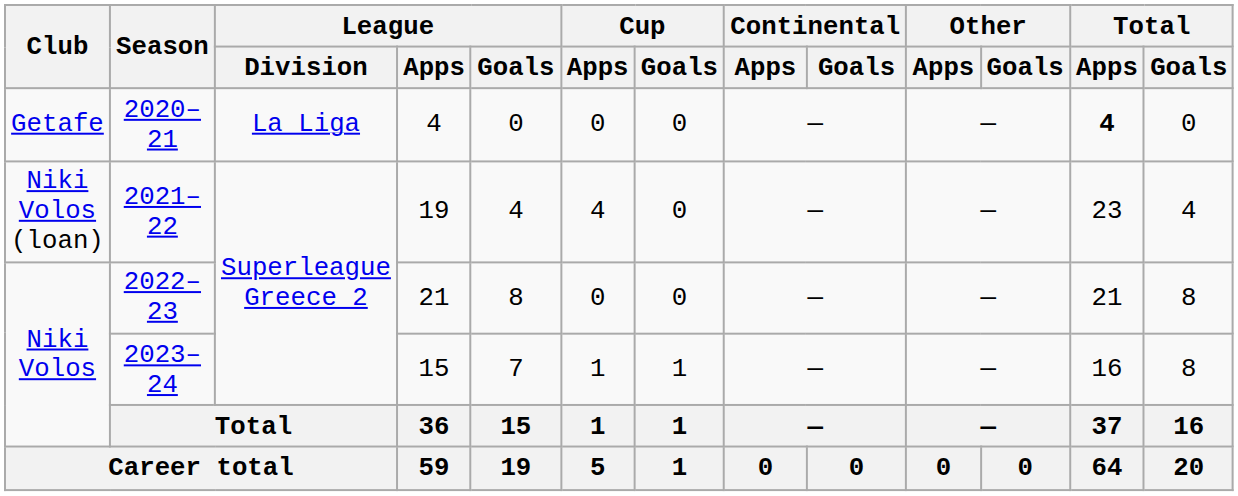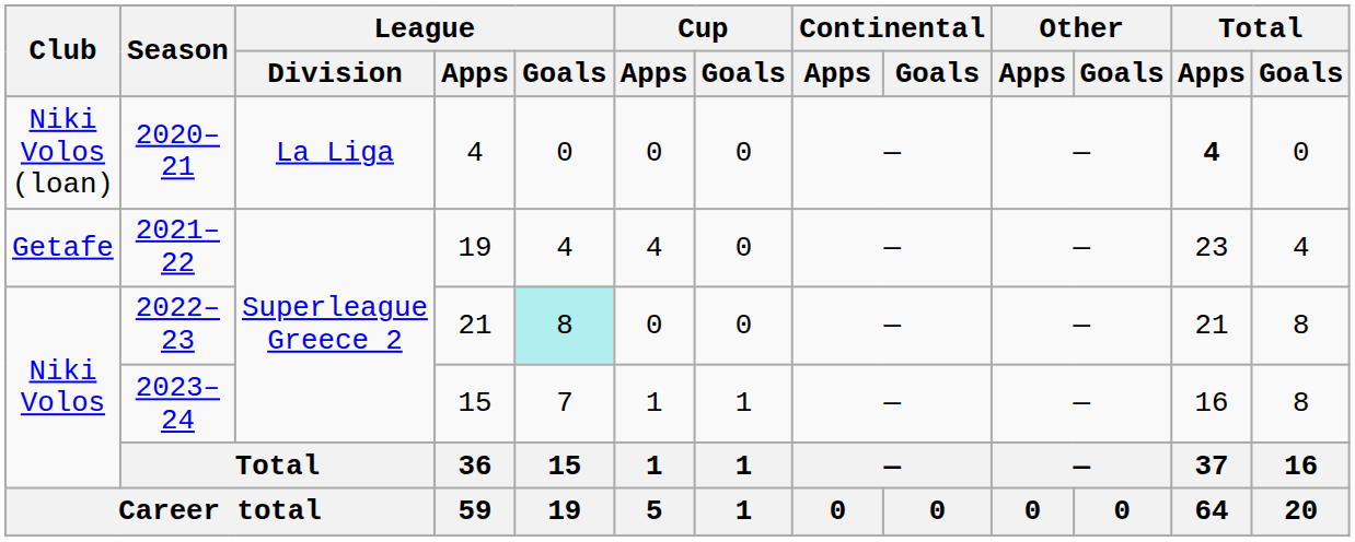 <table class="wikitable" style="text-align:center">
 <tr>
 <th rowspan=2>Club</th>
 <th rowspan=2>Season</th>
 <th colspan=3>League</th>
 <th colspan=2>Cup</th>
 <th colspan=2>Continental</th>
 <th colspan=2>Other</th>
 <th colspan=2>Total</th>
 </tr>
 <tr>
 <th>Division</th>
 <th>Apps</th>
 <th>Goals</th>
 <th>Apps</th>
 <th>Goals</th>
 <th>Apps</th>
 <th>Goals</th>
 <th>Apps</th>
 <th>Goals</th>
 <th>Apps</th>
 <th>Goals</th>
 </tr>
 <tr>
-<td><a href='#'>Getafe</a></td>
+<td><a href='#'>Niki Volos</a> (loan)</td>
 <td><a href='#'>2020–21</a></td>
 <td><a href='#'>La Liga</a></td>
 <td>4</td>
 <td>0</td>
 <td>0</td>
 <td>0</td>
 <td colspan="2">—</td>
 <td colspan="2">—</td>
 <td><strong>4</strong></td>
 <td>0</td>
 </tr>
 <tr>
-<td><a href='#'>Niki Volos</a> (loan)</td>
+<td><a href='#'>Getafe</a></td>
 <td><a href='#'>2021–22</a></td>
 <td rowspan="3"><a href='#'>Superleague Greece 2</a></td>
 <td>19</td>
 <td>4</td>
 <td>4</td>
 <td>0</td>
 <td colspan="2">—</td>
 <td colspan="2">—</td>
 <td>23</td>
 <td>4</td>
 </tr>
 <tr>
 <td rowspan="3"><a href='#'>Niki Volos</a></td>
 <td><a href='#'>2022–23</a></td>
 <td>21</td>
-<td>8</td>
+<td style="background: paleturquoise;">8</td>
 <td>0</td>
 <td>0</td>
 <td colspan="2">—</td>
 <td colspan="2">—</td>
 <td>21</td>
 <td>8</td>
 </tr>
 <tr>
 <td><a href='#'>2023–24</a></td>
 <td>15</td>
 <td>7</td>
 <td>1</td>
 <td>1</td>
 <td colspan="2">—</td>
 <td colspan="2">—</td>
 <td>16</td>
 <td>8</td>
 </tr>
 <tr>
 <th colspan="2">Total</th>
 <th>36</th>
 <th>15</th>
 <th>1</th>
 <th>1</th>
 <th colspan="2">—</th>
 <th colspan="2">—</th>
 <th>37</th>
 <th>16</th>
 </tr>
 <tr>
 <th colspan="3">Career total</th>
 <th>59</th>
 <th>19</th>
 <th>5</th>
 <th>1</th>
 <th>0</th>
 <th>0</th>
 <th>0</th>
 <th>0</th>
 <th>64</th>
 <th>20</th>
 </tr>
 </table>
